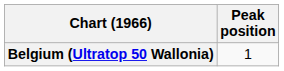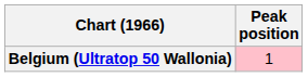 <table class="wikitable plainrowheaders" style="text-align:center">
 <tr>
 <th scope="col">Chart (1966)</th>
 <th scope="col">Peak<br>position</th>
 </tr>
 <tr>
 <th scope="row">Belgium (<a href='#'>Ultratop 50</a> Wallonia)</th>
-<td>1</td>
+<td style="background: pink;">1</td>
 </tr>
 </table>
